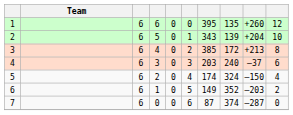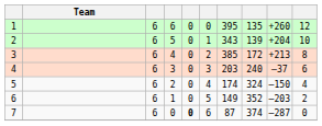 <table class=wikitable style=text-align:center>
 <tr>
 <th width=20 abbr=Position></th>
 <th width=175>Team</th>
 <th width=20 abbr=Played></th>
 <th width=20 abbr=Won></th>
 <th width=20 abbr=Drawn></th>
 <th width=20 abbr=Lost></th>
 <th width=30 abbr=Goal for></th>
 <th width=30 abbr=Goal against></th>
 <th width=30 abbr=Goal difference></th>
 <th width=30 abbr=Points></th>
 </tr>
 <tr bgcolor=#CCFFCC>
 <td>1</td>
 <td align=left></td>
 <td>6</td>
 <td>6</td>
 <td>0</td>
 <td>0</td>
 <td>395</td>
 <td>135</td>
 <td>+260</td>
 <td>12</td>
 </tr>
 <tr bgcolor=#CCFFCC>
 <td>2</td>
 <td align=left></td>
 <td>6</td>
 <td>5</td>
 <td>0</td>
 <td>1</td>
 <td>343</td>
 <td>139</td>
 <td>+204</td>
 <td>10</td>
 </tr>
 <tr bgcolor=#FFDCCC>
 <td>3</td>
 <td align=left></td>
 <td>6</td>
 <td>4</td>
 <td>0</td>
 <td>2</td>
 <td>385</td>
 <td>172</td>
 <td>+213</td>
 <td>8</td>
 </tr>
 <tr bgcolor=#FFDCCC>
 <td>4</td>
 <td align=left></td>
 <td>6</td>
 <td>3</td>
 <td>0</td>
 <td>3</td>
 <td>203</td>
 <td>240</td>
 <td>–37</td>
 <td>6</td>
 </tr>
 <tr>
 <td>5</td>
 <td align=left></td>
 <td>6</td>
 <td>2</td>
 <td>0</td>
 <td>4</td>
 <td>174</td>
 <td>324</td>
 <td>–150</td>
 <td>4</td>
 </tr>
 <tr>
 <td>6</td>
 <td align=left></td>
 <td>6</td>
 <td>1</td>
 <td>0</td>
 <td>5</td>
 <td>149</td>
 <td>352</td>
 <td>–203</td>
 <td>2</td>
 </tr>
 <tr>
 <td>7</td>
 <td align=left></td>
 <td>6</td>
 <td>0</td>
-<td>0</td>
+<td><strong>0</strong></td>
 <td>6</td>
 <td>87</td>
 <td>374</td>
 <td>–287</td>
 <td>0</td>
 </tr>
 <tr>
 </tr>
 </table>
